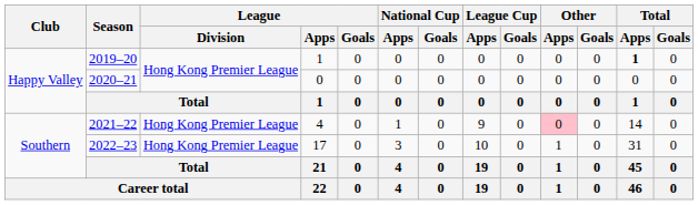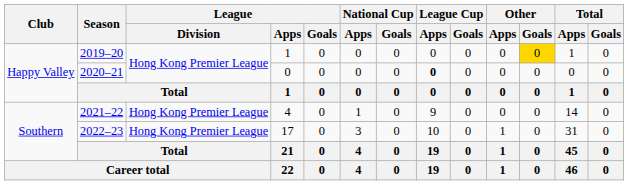 <table class="wikitable" style="text-align: center">
 <tr>
 <th rowspan="2">Club</th>
 <th rowspan="2">Season</th>
 <th colspan="3">League</th>
 <th colspan="2">National Cup</th>
 <th colspan="2">League Cup</th>
 <th colspan="2">Other</th>
 <th colspan="2">Total</th>
 </tr>
 <tr>
 <th>Division</th>
 <th>Apps</th>
 <th>Goals</th>
 <th>Apps</th>
 <th>Goals</th>
 <th>Apps</th>
 <th>Goals</th>
 <th>Apps</th>
 <th>Goals</th>
 <th>Apps</th>
 <th>Goals</th>
 </tr>
 <tr>
 <td rowspan="3"><a href='#'>Happy Valley</a></td>
 <td><a href='#'>2019–20</a></td>
 <td rowspan="2"><a href='#'>Hong Kong Premier League</a></td>
 <td>1</td>
 <td>0</td>
 <td>0</td>
 <td>0</td>
 <td>0</td>
 <td>0</td>
 <td>0</td>
-<td>0</td>
-<td><strong>1</strong></td>
+<td style="background: gold;">0</td>
+<td>1</td>
 <td>0</td>
 </tr>
 <tr>
 <td><a href='#'>2020–21</a></td>
 <td>0</td>
 <td>0</td>
 <td>0</td>
 <td>0</td>
-<td>0</td>
+<td><strong>0</strong></td>
 <td>0</td>
 <td>0</td>
 <td>0</td>
 <td>0</td>
 <td>0</td>
 </tr>
 <tr>
 <th colspan=2>Total</th>
 <th>1</th>
 <th>0</th>
 <th>0</th>
 <th>0</th>
 <th>0</th>
 <th>0</th>
 <th>0</th>
 <th>0</th>
 <th>1</th>
 <th>0</th>
 </tr>
 <tr>
 <td rowspan="3"><a href='#'>Southern</a></td>
 <td><a href='#'>2021–22</a></td>
 <td><a href='#'>Hong Kong Premier League</a></td>
 <td>4</td>
 <td>0</td>
 <td>1</td>
 <td>0</td>
 <td>9</td>
 <td>0</td>
-<td style="background: pink;">0</td>
+<td>0</td>
 <td>0</td>
 <td>14</td>
 <td>0</td>
 </tr>
 <tr>
 <td><a href='#'>2022–23</a></td>
 <td><a href='#'>Hong Kong Premier League</a></td>
 <td>17</td>
 <td>0</td>
 <td>3</td>
 <td>0</td>
 <td>10</td>
 <td>0</td>
 <td>1</td>
 <td>0</td>
 <td>31</td>
 <td>0</td>
 </tr>
 <tr>
 <th colspan=2>Total</th>
 <th>21</th>
 <th>0</th>
 <th>4</th>
 <th>0</th>
 <th>19</th>
 <th>0</th>
 <th>1</th>
 <th>0</th>
 <th>45</th>
 <th>0</th>
 </tr>
 <tr>
 <th colspan=3>Career total</th>
 <th>22</th>
 <th>0</th>
 <th>4</th>
 <th>0</th>
 <th>19</th>
 <th>0</th>
 <th>1</th>
 <th>0</th>
 <th>46</th>
 <th>0</th>
 </tr>
 </table>
